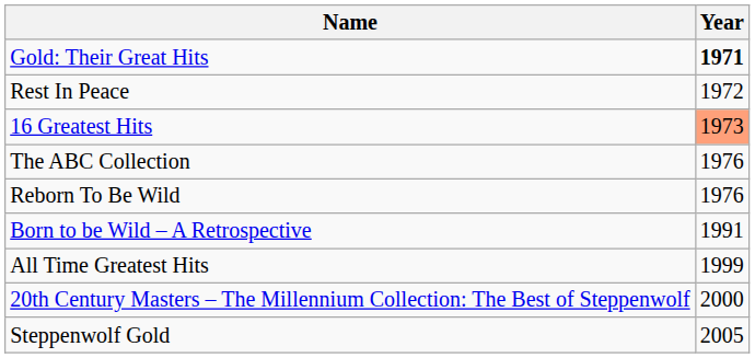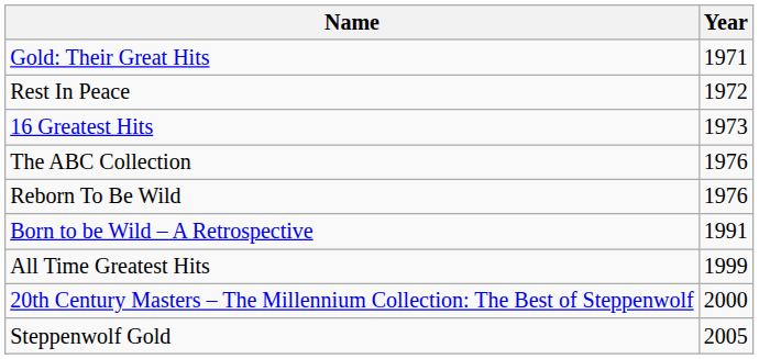 <table class="wikitable">
 <tr>
 <th>Name</th>
 <th>Year</th>
 </tr>
 <tr>
 <td><a href='#'>Gold: Their Great Hits</a></td>
-<td><strong>1971</strong></td>
+<td>1971</td>
 </tr>
 <tr>
 <td>Rest In Peace</td>
 <td>1972</td>
 </tr>
 <tr>
 <td><a href='#'>16 Greatest Hits</a></td>
-<td style="background: lightsalmon;">1973</td>
+<td>1973</td>
 </tr>
 <tr>
 <td>The ABC Collection</td>
 <td>1976</td>
 </tr>
 <tr>
 <td>Reborn To Be Wild</td>
 <td>1976</td>
 </tr>
 <tr>
 <td><a href='#'>Born to be Wild – A Retrospective</a></td>
 <td>1991</td>
 </tr>
 <tr>
 <td>All Time Greatest Hits</td>
 <td>1999</td>
 </tr>
 <tr>
 <td><a href='#'>20th Century Masters – The Millennium Collection: The Best of Steppenwolf</a></td>
 <td>2000</td>
 </tr>
 <tr>
 <td>Steppenwolf Gold</td>
 <td>2005</td>
 </tr>
 </table>
